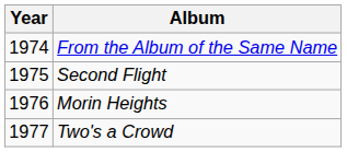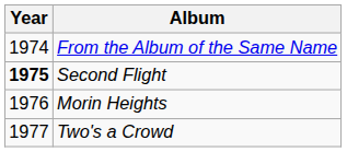 <table class="wikitable">
 <tr>
 <th>Year</th>
 <th>Album</th>
 </tr>
 <tr>
 <td>1974</td>
 <td><em><a href='#'>From the Album of the Same Name</a></em></td>
 </tr>
 <tr>
-<td>1975</td>
+<td><strong>1975</strong></td>
 <td><em>Second Flight</em></td>
 </tr>
 <tr>
 <td>1976</td>
 <td><em>Morin Heights</em></td>
 </tr>
 <tr>
 <td>1977</td>
 <td><em>Two's a Crowd</em></td>
 </tr>
 </table>
